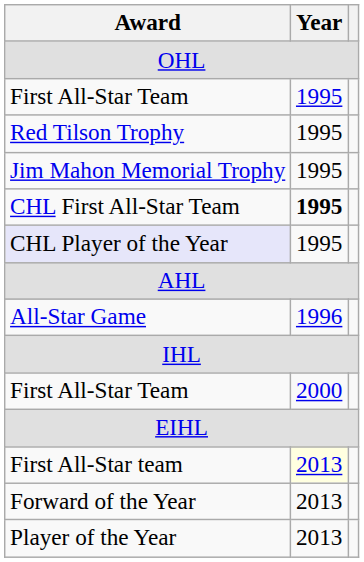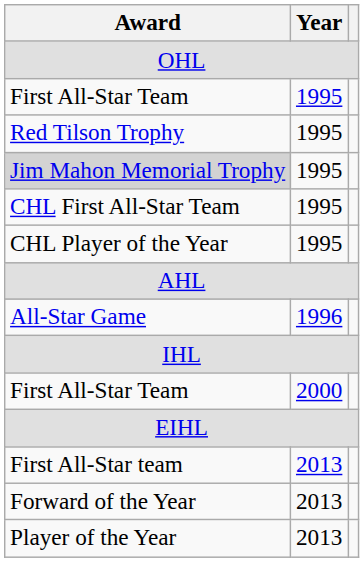 <table class="wikitable">
 <tr>
 <th>Award</th>
 <th>Year</th>
 <th></th>
 </tr>
 <tr ALIGN="center" bgcolor="#e0e0e0">
 <td colspan="3"><a href='#'>OHL</a></td>
 </tr>
 <tr>
 <td>First All-Star Team</td>
 <td><a href='#'>1995</a></td>
 <td></td>
 </tr>
 <tr>
 <td><a href='#'>Red Tilson Trophy</a></td>
 <td>1995</td>
 <td></td>
 </tr>
 <tr>
-<td><a href='#'>Jim Mahon Memorial Trophy</a></td>
+<td style="background: lightgrey;"><a href='#'>Jim Mahon Memorial Trophy</a></td>
 <td>1995</td>
 <td></td>
 </tr>
 <tr>
 <td><a href='#'>CHL</a> First All-Star Team</td>
-<td><strong>1995</strong></td>
+<td>1995</td>
 <td></td>
 </tr>
 <tr>
-<td style="background: lavender;">CHL Player of the Year</td>
+<td>CHL Player of the Year</td>
 <td>1995</td>
 <td></td>
 </tr>
 <tr ALIGN="center" bgcolor="#e0e0e0">
 <td colspan="3"><a href='#'>AHL</a></td>
 </tr>
 <tr>
 <td><a href='#'>All-Star Game</a></td>
 <td><a href='#'>1996</a></td>
 <td></td>
 </tr>
 <tr ALIGN="center" bgcolor="#e0e0e0">
 <td colspan="3"><a href='#'>IHL</a></td>
 </tr>
 <tr>
 <td>First All-Star Team</td>
 <td><a href='#'>2000</a></td>
 <td></td>
 </tr>
 <tr ALIGN="center" bgcolor="#e0e0e0">
 <td colspan="3"><a href='#'>EIHL</a></td>
 </tr>
 <tr>
 <td>First All-Star team</td>
-<td style="background: lightyellow;"><a href='#'>2013</a></td>
+<td><a href='#'>2013</a></td>
 <td></td>
 </tr>
 <tr>
 <td>Forward of the Year</td>
 <td>2013</td>
 <td></td>
 </tr>
 <tr>
 <td>Player of the Year</td>
 <td>2013</td>
 <td></td>
 </tr>
 </table>
